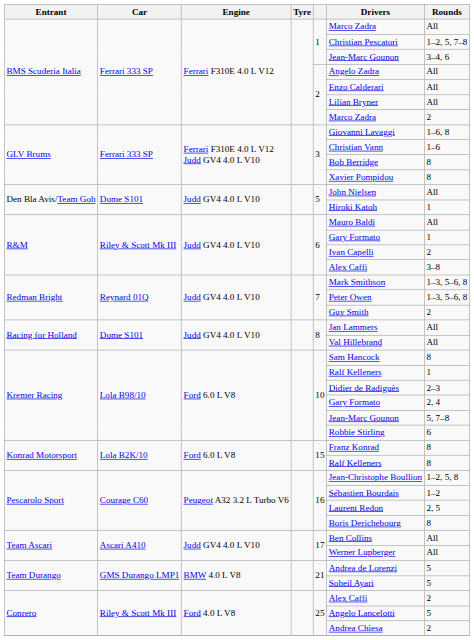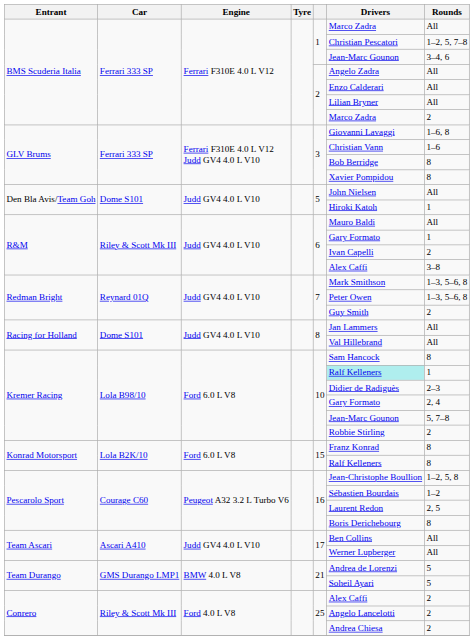 <table class="wikitable" style="font-size: 85%">
 <tr>
 <th>Entrant</th>
 <th>Car</th>
 <th>Engine</th>
 <th>Tyre</th>
 <th></th>
 <th>Drivers</th>
 <th>Rounds</th>
 </tr>
 <tr>
 <td rowspan=7> <a href='#'>BMS Scuderia Italia</a></td>
 <td rowspan=7><a href='#'>Ferrari 333 SP</a></td>
 <td rowspan=7><a href='#'>Ferrari</a> F310E 4.0 L V12</td>
 <td rowspan=7></td>
 <td rowspan=3>1</td>
 <td> <a href='#'>Marco Zadra</a></td>
 <td>All</td>
 </tr>
 <tr>
 <td> <a href='#'>Christian Pescatori</a></td>
 <td>1–2, 5, 7–8</td>
 </tr>
 <tr>
 <td> <a href='#'>Jean-Marc Gounon</a></td>
 <td>3–4, 6</td>
 </tr>
 <tr>
 <td rowspan=4>2</td>
 <td> <a href='#'>Angelo Zadra</a></td>
 <td>All</td>
 </tr>
 <tr>
 <td> <a href='#'>Enzo Calderari</a></td>
 <td>All</td>
 </tr>
 <tr>
 <td> <a href='#'>Lilian Bryner</a></td>
 <td>All</td>
 </tr>
 <tr>
 <td> <a href='#'>Marco Zadra</a></td>
 <td>2</td>
 </tr>
 <tr>
 <td rowspan=4> <a href='#'>GLV Brums</a></td>
 <td rowspan=4><a href='#'>Ferrari 333 SP</a></td>
 <td rowspan=4><a href='#'>Ferrari</a> F310E 4.0 L V12<br><a href='#'>Judd</a> GV4 4.0 L V10</td>
 <td rowspan=4></td>
 <td rowspan=4>3</td>
 <td> <a href='#'>Giovanni Lavaggi</a></td>
 <td>1–6, 8</td>
 </tr>
 <tr>
 <td> <a href='#'>Christian Vann</a></td>
 <td>1–6</td>
 </tr>
 <tr>
 <td> <a href='#'>Bob Berridge</a></td>
 <td>8</td>
 </tr>
 <tr>
 <td> <a href='#'>Xavier Pompidou</a></td>
 <td>8</td>
 </tr>
 <tr>
 <td rowspan=2> Den Bla Avis/<a href='#'>Team Goh</a></td>
 <td rowspan=2><a href='#'>Dome S101</a></td>
 <td rowspan=2><a href='#'>Judd</a> GV4 4.0 L V10</td>
 <td rowspan=2></td>
 <td rowspan=2>5</td>
 <td> <a href='#'>John Nielsen</a></td>
 <td>All</td>
 </tr>
 <tr>
 <td> <a href='#'>Hiroki Katoh</a></td>
 <td>1</td>
 </tr>
 <tr>
 <td rowspan=4> <a href='#'>R&M</a></td>
 <td rowspan=4><a href='#'>Riley & Scott Mk III</a></td>
 <td rowspan=4><a href='#'>Judd</a> GV4 4.0 L V10</td>
 <td rowspan=4></td>
 <td rowspan=4>6</td>
 <td> <a href='#'>Mauro Baldi</a></td>
 <td>All</td>
 </tr>
 <tr>
 <td> <a href='#'>Gary Formato</a></td>
 <td>1</td>
 </tr>
 <tr>
 <td> <a href='#'>Ivan Capelli</a></td>
 <td>2</td>
 </tr>
 <tr>
 <td> <a href='#'>Alex Caffi</a></td>
 <td>3–8</td>
 </tr>
 <tr>
 <td rowspan=3> <a href='#'>Redman Bright</a></td>
 <td rowspan=3><a href='#'>Reynard 01Q</a></td>
 <td rowspan=3><a href='#'>Judd</a> GV4 4.0 L V10</td>
 <td rowspan=3></td>
 <td rowspan=3>7</td>
 <td> <a href='#'>Mark Smithson</a></td>
 <td>1–3, 5–6, 8</td>
 </tr>
 <tr>
 <td> <a href='#'>Peter Owen</a></td>
 <td>1–3, 5–6, 8</td>
 </tr>
 <tr>
 <td> <a href='#'>Guy Smith</a></td>
 <td>2</td>
 </tr>
 <tr>
 <td rowspan=2> <a href='#'>Racing for Holland</a></td>
 <td rowspan=2><a href='#'>Dome S101</a></td>
 <td rowspan=2><a href='#'>Judd</a> GV4 4.0 L V10</td>
 <td rowspan=2><br></td>
 <td rowspan=2>8</td>
 <td> <a href='#'>Jan Lammers</a></td>
 <td>All</td>
 </tr>
 <tr>
 <td> <a href='#'>Val Hillebrand</a></td>
 <td>All</td>
 </tr>
 <tr>
 <td rowspan=6> <a href='#'>Kremer Racing</a></td>
 <td rowspan=6><a href='#'>Lola B98/10</a></td>
 <td rowspan=6><a href='#'>Ford</a> 6.0 L V8</td>
 <td rowspan=6></td>
 <td rowspan=6>10</td>
 <td> <a href='#'>Sam Hancock</a></td>
 <td>8</td>
 </tr>
 <tr>
-<td> <a href='#'>Ralf Kelleners</a></td>
+<td style="background: paleturquoise;"> <a href='#'>Ralf Kelleners</a></td>
 <td>1</td>
 </tr>
 <tr>
 <td> <a href='#'>Didier de Radiguès</a></td>
 <td>2–3</td>
 </tr>
 <tr>
 <td> <a href='#'>Gary Formato</a></td>
 <td>2, 4</td>
 </tr>
 <tr>
 <td> <a href='#'>Jean-Marc Gounon</a></td>
 <td>5, 7–8</td>
 </tr>
 <tr>
 <td> <a href='#'>Robbie Stirling</a></td>
-<td>6</td>
+<td>2</td>
 </tr>
 <tr>
 <td rowspan=2> <a href='#'>Konrad Motorsport</a></td>
 <td rowspan=2><a href='#'>Lola B2K/10</a></td>
 <td rowspan=2><a href='#'>Ford</a> 6.0 L V8</td>
 <td rowspan=2></td>
 <td rowspan=2>15</td>
 <td> <a href='#'>Franz Konrad</a></td>
 <td>8</td>
 </tr>
 <tr>
 <td> <a href='#'>Ralf Kelleners</a></td>
 <td>8</td>
 </tr>
 <tr>
 <td rowspan=4> <a href='#'>Pescarolo Sport</a></td>
 <td rowspan=4><a href='#'>Courage C60</a></td>
 <td rowspan=4><a href='#'>Peugeot</a> A32 3.2 L Turbo V6</td>
 <td rowspan=4></td>
 <td rowspan=4>16</td>
 <td> <a href='#'>Jean-Christophe Boullion</a></td>
 <td>1–2, 5, 8</td>
 </tr>
 <tr>
 <td> <a href='#'>Sébastien Bourdais</a></td>
 <td>1–2</td>
 </tr>
 <tr>
 <td> <a href='#'>Laurent Redon</a></td>
 <td>2, 5</td>
 </tr>
 <tr>
 <td> <a href='#'>Boris Derichebourg</a></td>
 <td>8</td>
 </tr>
 <tr>
 <td rowspan=2> <a href='#'>Team Ascari</a></td>
 <td rowspan=2><a href='#'>Ascari A410</a></td>
 <td rowspan=2><a href='#'>Judd</a> GV4 4.0 L V10</td>
 <td rowspan=2></td>
 <td rowspan=2>17</td>
 <td> <a href='#'>Ben Collins</a></td>
 <td>All</td>
 </tr>
 <tr>
 <td> <a href='#'>Werner Lupberger</a></td>
 <td>All</td>
 </tr>
 <tr>
 <td rowspan=2> <a href='#'>Team Durango</a></td>
 <td rowspan=2><a href='#'>GMS Durango LMP1</a></td>
 <td rowspan=2><a href='#'>BMW</a> 4.0 L V8</td>
 <td rowspan=2></td>
 <td rowspan=2>21</td>
 <td> <a href='#'>Andrea de Lorenzi</a></td>
 <td>5</td>
 </tr>
 <tr>
 <td> <a href='#'>Soheil Ayari</a></td>
 <td>5</td>
 </tr>
 <tr>
 <td rowspan=3> <a href='#'>Conrero</a></td>
 <td rowspan=3><a href='#'>Riley & Scott Mk III</a></td>
 <td rowspan=3><a href='#'>Ford</a> 4.0 L V8</td>
 <td rowspan=3></td>
 <td rowspan=3>25</td>
 <td> <a href='#'>Alex Caffi</a></td>
 <td>2</td>
 </tr>
 <tr>
 <td> <a href='#'>Angelo Lancelotti</a></td>
-<td>5</td>
+<td>2</td>
 </tr>
 <tr>
 <td> <a href='#'>Andrea Chiesa</a></td>
 <td>2</td>
 </tr>
 <tr>
 </tr>
 </table>
